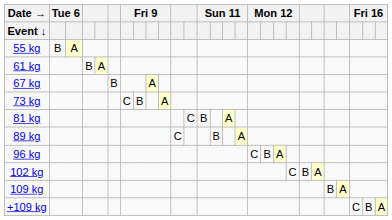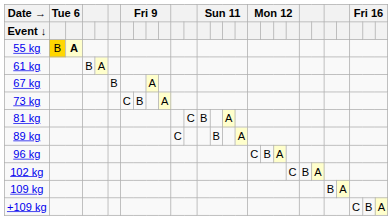 <table class="wikitable" style="text-align:center; font-size:95%">
 <tr>
 <th>Date →</th>
 <th colspan=2>Tue 6</th>
 <th colspan=2></th>
 <th></th>
 <th colspan=4>Fri 9</th>
 <th colspan=2></th>
 <th colspan=4>Sun 11</th>
 <th colspan=4>Mon 12</th>
 <th colspan=2></th>
 <th colspan=2></th>
 <th colspan=3>Fri 16</th>
 </tr>
 <tr>
 <th>Event ↓</th>
 <th></th>
 <th></th>
 <th></th>
 <th></th>
 <th></th>
 <th></th>
 <th></th>
 <th></th>
 <th></th>
 <th></th>
 <th></th>
 <th></th>
 <th></th>
 <th></th>
 <th></th>
 <th></th>
 <th></th>
 <th></th>
 <th></th>
 <th></th>
 <th></th>
 <th></th>
 <th></th>
 <th></th>
 <th></th>
 <th></th>
 </tr>
 <tr>
 <td><a href='#'>55 kg</a></td>
-<td>B</td>
-<td style="background-color:#ffffcc;">A</td>
+<td style="background: gold;">B</td>
+<td style="background-color:#ffffcc;"><strong>A</strong></td>
 <td colspan=2></td>
 <td></td>
 <td colspan=4></td>
 <td colspan=2></td>
 <td colspan=4></td>
 <td colspan=4></td>
 <td colspan=2></td>
 <td colspan=2></td>
 <td colspan=3></td>
 </tr>
 <tr>
 <td><a href='#'>61 kg</a></td>
 <td colspan=2></td>
 <td>B</td>
 <td style="background-color:#ffffcc;">A</td>
 <td></td>
 <td colspan=4></td>
 <td colspan=2></td>
 <td colspan=4></td>
 <td colspan=4></td>
 <td colspan=2></td>
 <td colspan=2></td>
 <td colspan=3></td>
 </tr>
 <tr>
 <td><a href='#'>67 kg</a></td>
 <td colspan=2></td>
 <td colspan=2></td>
 <td>B</td>
 <td colspan=2></td>
 <td style="background-color:#ffffcc;">A</td>
 <td></td>
 <td colspan=2></td>
 <td colspan=4></td>
 <td colspan=4></td>
 <td colspan=2></td>
 <td colspan=2></td>
 <td colspan=3></td>
 </tr>
 <tr>
 <td><a href='#'>73 kg</a></td>
 <td colspan=2></td>
 <td colspan=2></td>
 <td></td>
 <td>C</td>
 <td>B</td>
 <td></td>
 <td style="background-color:#ffffcc;">A</td>
 <td colspan=2></td>
 <td colspan=4></td>
 <td colspan=4></td>
 <td colspan=2></td>
 <td colspan=2></td>
 <td colspan=3></td>
 </tr>
 <tr>
 <td><a href='#'>81 kg</a></td>
 <td colspan=2></td>
 <td colspan=2></td>
 <td></td>
 <td colspan=4></td>
 <td></td>
 <td>C</td>
 <td>B</td>
 <td></td>
 <td style="background-color:#ffffcc;">A</td>
 <td></td>
 <td colspan=4></td>
 <td colspan=2></td>
 <td colspan=2></td>
 <td colspan=3></td>
 </tr>
 <tr>
 <td><a href='#'>89 kg</a></td>
 <td colspan=2></td>
 <td colspan=2></td>
 <td></td>
 <td colspan=4></td>
 <td>C</td>
 <td></td>
 <td></td>
 <td>B</td>
 <td></td>
 <td style="background-color:#ffffcc;">A</td>
 <td colspan=4></td>
 <td colspan=2></td>
 <td colspan=2></td>
 <td colspan=3></td>
 </tr>
 <tr>
 <td><a href='#'>96 kg</a></td>
 <td colspan=2></td>
 <td colspan=2></td>
 <td></td>
 <td colspan=4></td>
 <td colspan=2></td>
 <td colspan=4></td>
 <td>C</td>
 <td>B</td>
 <td style="background-color:#ffffcc;">A</td>
 <td></td>
 <td colspan=2></td>
 <td colspan=2></td>
 <td colspan=3></td>
 </tr>
 <tr>
 <td><a href='#'>102 kg</a></td>
 <td colspan=2></td>
 <td colspan=2></td>
 <td></td>
 <td colspan=4></td>
 <td colspan=2></td>
 <td colspan=4></td>
 <td colspan=3></td>
 <td>C</td>
 <td>B</td>
 <td style="background-color:#ffffcc;">A</td>
 <td colspan=2></td>
 <td colspan=3></td>
 </tr>
 <tr>
 <td><a href='#'>109 kg</a></td>
 <td colspan=2></td>
 <td colspan=2></td>
 <td></td>
 <td colspan=4></td>
 <td colspan=2></td>
 <td colspan=4></td>
 <td colspan=4></td>
 <td colspan=2></td>
 <td>B</td>
 <td style="background-color:#ffffcc;">A</td>
 <td colspan=3></td>
 </tr>
 <tr>
 <td><a href='#'>+109 kg</a></td>
 <td colspan=2></td>
 <td colspan=2></td>
 <td></td>
 <td colspan=4></td>
 <td colspan=2></td>
 <td colspan=4></td>
 <td colspan=4></td>
 <td colspan=2></td>
 <td colspan=2></td>
 <td>C</td>
 <td>B</td>
 <td style="background-color:#ffffcc;">A</td>
 </tr>
 </table>
